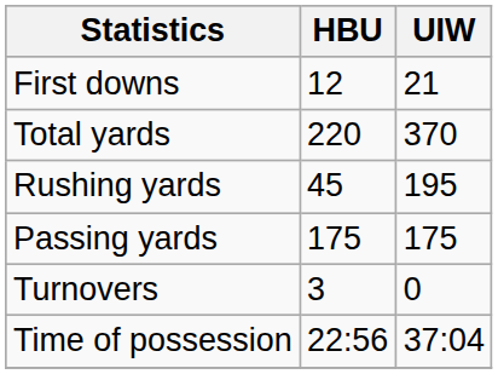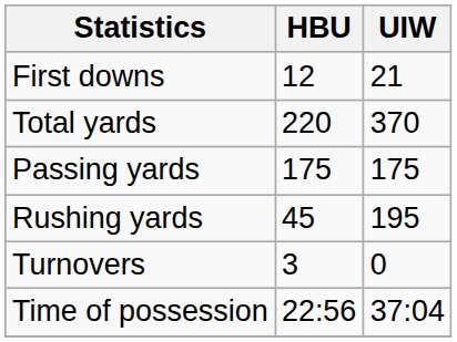 <table class="wikitable">
 <tr>
 <th>Statistics</th>
 <th>HBU</th>
 <th>UIW</th>
 </tr>
 <tr>
 <td>First downs</td>
 <td>12</td>
 <td>21</td>
 </tr>
 <tr>
 <td>Total yards</td>
 <td>220</td>
 <td>370</td>
 </tr>
 <tr>
+<td>Passing yards</td>
+<td>175</td>
+<td>175</td>
+</tr>
+<tr>
 <td>Rushing yards</td>
 <td>45</td>
 <td>195</td>
-</tr>
-<tr>
-<td>Passing yards</td>
-<td>175</td>
-<td>175</td>
 </tr>
 <tr>
 <td>Turnovers</td>
 <td>3</td>
 <td>0</td>
 </tr>
 <tr>
 <td>Time of possession</td>
 <td>22:56</td>
 <td>37:04</td>
 </tr>
 <tr>
 </tr>
 </table>
